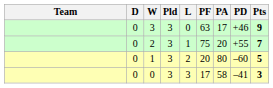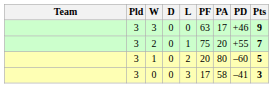 <table class="wikitable" style="text-align:center;">
 <tr>
 <th width=190>Team</th>
+<th width=20 abbr="Played">Pld</th>
+<th width=20 abbr="Won">W</th>
 <th width=20 abbr="Drawn">D</th>
-<th width=20 abbr="Won">W</th>
-<th width=20 abbr="Played">Pld</th>
 <th width=20 abbr="Lost">L</th>
 <th width=20 abbr="Points for">PF</th>
 <th width=20 abbr="Points against">PA</th>
 <th width=25 abbr="Points difference">PD</th>
 <th width=20 abbr="Points">Pts</th>
 </tr>
 <tr style="background:#ccffcc">
 <td align=left></td>
-<td>0</td>
 <td>3</td>
 <td>3</td>
+<td>0</td>
 <td>0</td>
 <td>63</td>
 <td>17</td>
 <td>+46</td>
 <td><strong>9</strong></td>
 </tr>
 <tr style="background:#ccffcc">
 <td align=left></td>
+<td>3</td>
+<td>2</td>
 <td>0</td>
-<td>2</td>
-<td>3</td>
 <td>1</td>
 <td>75</td>
 <td>20</td>
 <td>+55</td>
 <td><strong>7</strong></td>
 </tr>
 <tr style="background:#feffb4">
 <td align=left></td>
+<td>3</td>
+<td>1</td>
 <td>0</td>
-<td>1</td>
-<td>3</td>
 <td>2</td>
 <td>20</td>
 <td>80</td>
 <td>–60</td>
 <td><strong>5</strong></td>
 </tr>
 <tr style="background:#feffb4">
 <td align=left></td>
+<td>3</td>
 <td>0</td>
 <td>0</td>
-<td>3</td>
 <td>3</td>
 <td>17</td>
 <td>58</td>
 <td>–41</td>
 <td><strong>3</strong></td>
 </tr>
 </table>
